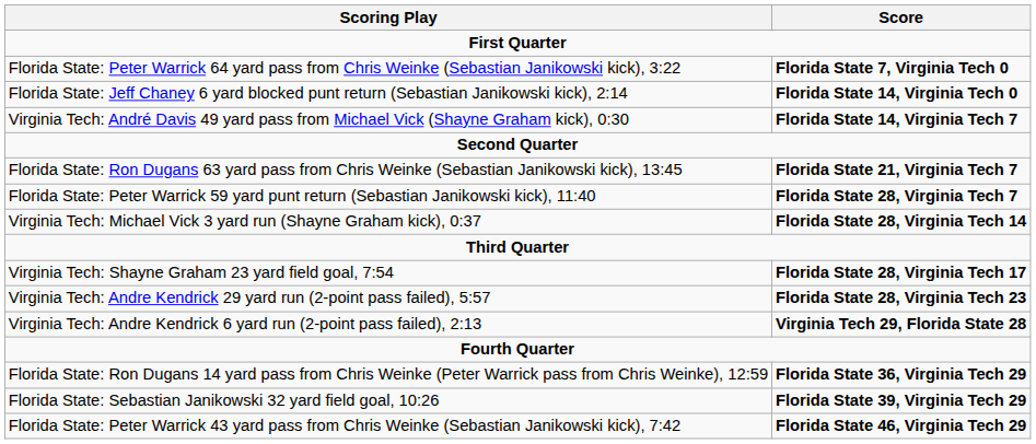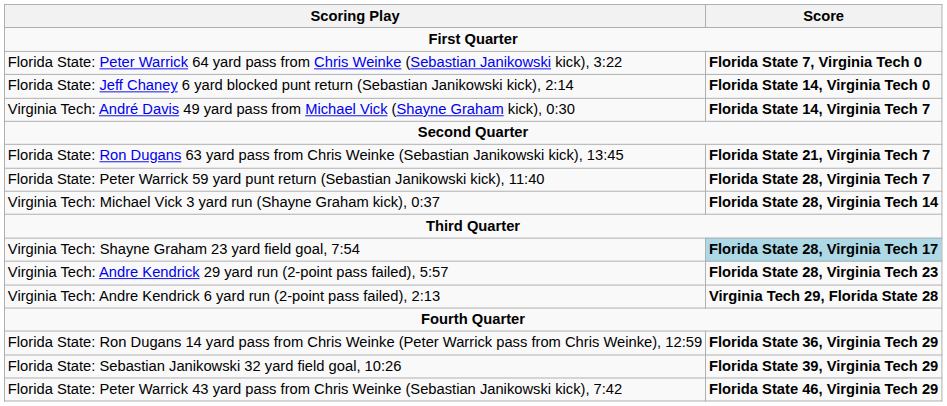 <table class="wikitable">
 <tr>
 <th>Scoring Play</th>
 <th>Score</th>
 </tr>
 <tr>
 <td colspan="4" style="text-align:center;"><strong>First Quarter</strong></td>
 </tr>
 <tr>
 <td>Florida State: <a href='#'>Peter Warrick</a> 64 yard pass from <a href='#'>Chris Weinke</a> (<a href='#'>Sebastian Janikowski</a> kick), 3:22</td>
 <td><strong>Florida State 7, Virginia Tech 0</strong></td>
 </tr>
 <tr>
 <td>Florida State: <a href='#'>Jeff Chaney</a> 6 yard blocked punt return (Sebastian Janikowski kick), 2:14</td>
 <td><strong>Florida State 14, Virginia Tech 0</strong></td>
 </tr>
 <tr>
 <td>Virginia Tech: <a href='#'>André Davis</a> 49 yard pass from <a href='#'>Michael Vick</a> (<a href='#'>Shayne Graham</a> kick), 0:30</td>
 <td><strong>Florida State 14, Virginia Tech 7</strong></td>
 </tr>
 <tr>
 <td colspan="4" style="text-align:center;"><strong>Second Quarter</strong></td>
 </tr>
 <tr>
 <td>Florida State: <a href='#'>Ron Dugans</a> 63 yard pass from Chris Weinke (Sebastian Janikowski kick), 13:45</td>
 <td><strong>Florida State 21, Virginia Tech 7</strong></td>
 </tr>
 <tr>
 <td>Florida State: Peter Warrick 59 yard punt return (Sebastian Janikowski kick), 11:40</td>
 <td><strong>Florida State 28, Virginia Tech 7</strong></td>
 </tr>
 <tr>
 <td>Virginia Tech: Michael Vick 3 yard run (Shayne Graham kick), 0:37</td>
 <td><strong>Florida State 28, Virginia Tech 14</strong></td>
 </tr>
 <tr>
 <td colspan="4" style="text-align:center;"><strong>Third Quarter</strong></td>
 </tr>
 <tr>
 <td>Virginia Tech: Shayne Graham 23 yard field goal, 7:54</td>
-<td><strong>Florida State 28, Virginia Tech 17</strong></td>
+<td style="background: lightblue;"><strong>Florida State 28, Virginia Tech 17</strong></td>
 </tr>
 <tr>
 <td>Virginia Tech: <a href='#'>Andre Kendrick</a> 29 yard run (2-point pass failed), 5:57</td>
 <td><strong>Florida State 28, Virginia Tech 23</strong></td>
 </tr>
 <tr>
 <td>Virginia Tech: Andre Kendrick 6 yard run (2-point pass failed), 2:13</td>
 <td><strong>Virginia Tech 29, Florida State 28</strong></td>
 </tr>
 <tr>
 <td colspan="4" style="text-align:center;"><strong>Fourth Quarter</strong></td>
 </tr>
 <tr>
 <td>Florida State: Ron Dugans 14 yard pass from Chris Weinke (Peter Warrick pass from Chris Weinke), 12:59</td>
 <td><strong>Florida State 36, Virginia Tech 29</strong></td>
 </tr>
 <tr>
 <td>Florida State: Sebastian Janikowski 32 yard field goal, 10:26</td>
 <td><strong>Florida State 39, Virginia Tech 29</strong></td>
 </tr>
 <tr>
 <td>Florida State: Peter Warrick 43 yard pass from Chris Weinke (Sebastian Janikowski kick), 7:42</td>
 <td><strong>Florida State 46, Virginia Tech 29</strong></td>
 </tr>
 </table>
